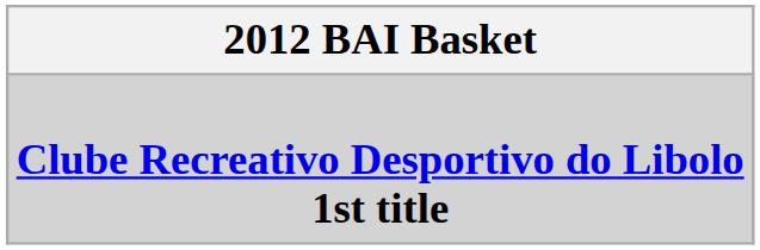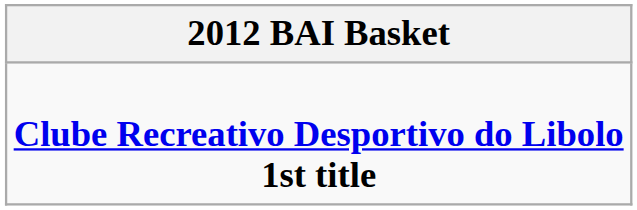 <table class=wikitable style="text-align:center; margin:auto">
 <tr>
 <th>2012 BAI Basket</th>
 </tr>
 <tr>
-<td style="background: lightgrey;"><br><strong><a href='#'>Clube Recreativo Desportivo do Libolo</a></strong><br><strong>1st title</strong></td>
+<td><br><strong><a href='#'>Clube Recreativo Desportivo do Libolo</a></strong><br><strong>1st title</strong></td>
 </tr>
 </table>
